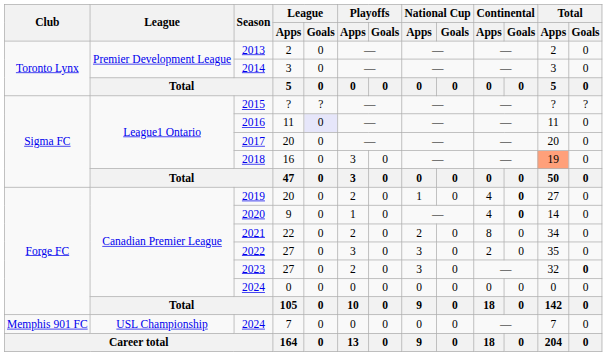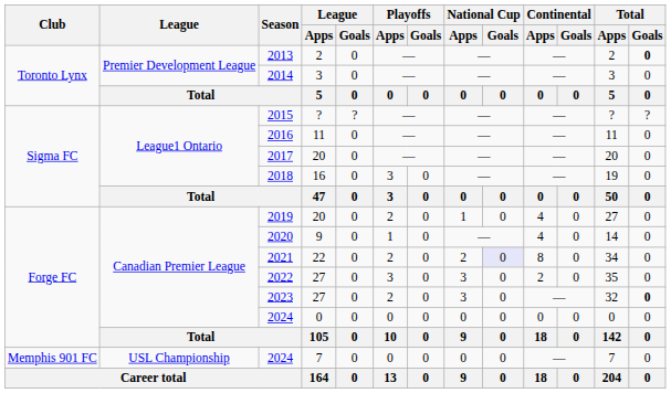 <table class="wikitable" style="text-align: center;">
 <tr>
 <th rowspan="2">Club</th>
 <th rowspan="2">League</th>
 <th rowspan="2">Season</th>
 <th colspan="2">League</th>
 <th colspan="2">Playoffs</th>
 <th colspan="2">National Cup</th>
 <th colspan="2">Continental</th>
 <th colspan="2">Total</th>
 </tr>
 <tr>
 <th>Apps</th>
 <th>Goals</th>
 <th>Apps</th>
 <th>Goals</th>
 <th>Apps</th>
 <th>Goals</th>
 <th>Apps</th>
 <th>Goals</th>
 <th>Apps</th>
 <th>Goals</th>
 </tr>
 <tr>
 <td rowspan="3"><a href='#'>Toronto Lynx</a></td>
 <td rowspan="2"><a href='#'>Premier Development League</a></td>
 <td><a href='#'>2013</a></td>
 <td>2</td>
 <td>0</td>
 <td colspan="2">—</td>
 <td colspan="2">—</td>
 <td colspan="2">—</td>
 <td>2</td>
-<td>0</td>
+<td><strong>0</strong></td>
 </tr>
 <tr>
 <td><a href='#'>2014</a></td>
 <td>3</td>
 <td>0</td>
 <td colspan="2">—</td>
 <td colspan="2">—</td>
 <td colspan="2">—</td>
 <td>3</td>
 <td>0</td>
 </tr>
 <tr>
 <th colspan="2">Total</th>
 <th>5</th>
 <th>0</th>
 <th>0</th>
 <th>0</th>
 <th>0</th>
 <th>0</th>
 <th>0</th>
 <th>0</th>
 <th>5</th>
 <th>0</th>
 </tr>
 <tr>
 <td rowspan="5"><a href='#'>Sigma FC</a></td>
 <td rowspan="4"><a href='#'>League1 Ontario</a></td>
 <td><a href='#'>2015</a></td>
 <td>?</td>
 <td>?</td>
 <td colspan="2">—</td>
 <td colspan="2">—</td>
 <td colspan="2">—</td>
 <td>?</td>
 <td>?</td>
 </tr>
 <tr>
 <td><a href='#'>2016</a></td>
 <td>11</td>
-<td style="background: lavender;">0</td>
+<td>0</td>
 <td colspan="2">—</td>
 <td colspan="2">—</td>
 <td colspan="2">—</td>
 <td>11</td>
 <td>0</td>
 </tr>
 <tr>
 <td><a href='#'>2017</a></td>
 <td>20</td>
 <td>0</td>
 <td colspan="2">—</td>
 <td colspan="2">—</td>
 <td colspan="2">—</td>
 <td>20</td>
 <td>0</td>
 </tr>
 <tr>
 <td><a href='#'>2018</a></td>
 <td>16</td>
 <td>0</td>
 <td>3</td>
 <td>0</td>
 <td colspan="2">—</td>
 <td colspan="2">—</td>
-<td style="background: lightsalmon;">19</td>
+<td>19</td>
 <td>0</td>
 </tr>
 <tr>
 <th colspan="2">Total</th>
 <th>47</th>
 <th>0</th>
 <th>3</th>
 <th>0</th>
 <th>0</th>
 <th>0</th>
 <th>0</th>
 <th>0</th>
 <th>50</th>
 <th>0</th>
 </tr>
 <tr>
 <td rowspan="7"><a href='#'>Forge FC</a></td>
 <td rowspan="6"><a href='#'>Canadian Premier League</a></td>
 <td><a href='#'>2019</a></td>
 <td>20</td>
 <td>0</td>
 <td>2</td>
 <td>0</td>
 <td>1</td>
 <td>0</td>
 <td>4</td>
-<td><strong>0</strong></td>
+<td>0</td>
 <td>27</td>
 <td>0</td>
 </tr>
 <tr>
 <td><a href='#'>2020</a></td>
 <td>9</td>
 <td>0</td>
 <td>1</td>
 <td>0</td>
 <td colspan="2">—</td>
 <td>4</td>
-<td><strong>0</strong></td>
+<td>0</td>
 <td>14</td>
 <td>0</td>
 </tr>
 <tr>
 <td><a href='#'>2021</a></td>
 <td>22</td>
 <td>0</td>
 <td>2</td>
 <td>0</td>
 <td>2</td>
-<td>0</td>
+<td style="background: lavender;">0</td>
 <td>8</td>
 <td>0</td>
 <td>34</td>
 <td>0</td>
 </tr>
 <tr>
 <td><a href='#'>2022</a></td>
 <td>27</td>
 <td>0</td>
 <td>3</td>
 <td>0</td>
 <td>3</td>
 <td>0</td>
 <td>2</td>
 <td>0</td>
 <td>35</td>
 <td>0</td>
 </tr>
 <tr>
 <td><a href='#'>2023</a></td>
 <td>27</td>
 <td>0</td>
 <td>2</td>
 <td>0</td>
 <td>3</td>
 <td>0</td>
 <td colspan="2">—</td>
 <td>32</td>
 <td><strong>0</strong></td>
 </tr>
 <tr>
 <td><a href='#'>2024</a></td>
 <td>0</td>
 <td>0</td>
 <td>0</td>
 <td>0</td>
 <td>0</td>
 <td>0</td>
 <td>0</td>
 <td>0</td>
 <td>0</td>
 <td>0</td>
 </tr>
 <tr>
 <th colspan="2">Total</th>
 <th>105</th>
 <th>0</th>
 <th>10</th>
 <th>0</th>
 <th>9</th>
 <th>0</th>
 <th>18</th>
 <th>0</th>
 <th>142</th>
 <th>0</th>
 </tr>
 <tr>
 <td><a href='#'>Memphis 901 FC</a></td>
 <td><a href='#'>USL Championship</a></td>
 <td><a href='#'>2024</a></td>
 <td>7</td>
 <td>0</td>
 <td>0</td>
 <td>0</td>
 <td>0</td>
 <td>0</td>
 <td colspan="2">—</td>
 <td>7</td>
 <td>0</td>
 </tr>
 <tr>
 <th colspan="3">Career total</th>
 <th>164</th>
 <th>0</th>
 <th>13</th>
 <th>0</th>
 <th>9</th>
 <th>0</th>
 <th>18</th>
 <th>0</th>
 <th>204</th>
 <th>0</th>
 </tr>
 </table>
